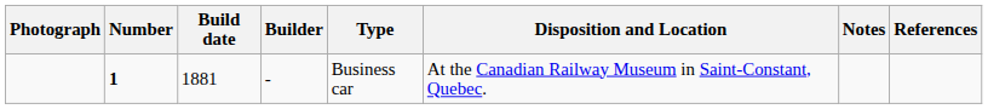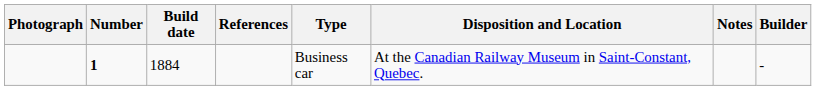 <table class="wikitable">
 <tr>
 <th>Photograph</th>
 <th>Number</th>
 <th>Build date</th>
-<th>Builder</th>
+<th>References</th>
 <th>Type</th>
 <th>Disposition and Location</th>
 <th>Notes</th>
-<th>References</th>
+<th>Builder</th>
 </tr>
 <tr>
 <td></td>
 <td><strong>1</strong></td>
-<td>1881</td>
-<td>-</td>
+<td>1884</td>
+<td></td>
 <td>Business car</td>
 <td>At the <a href='#'>Canadian Railway Museum</a> in <a href='#'>Saint-Constant, Quebec</a>.</td>
 <td></td>
-<td></td>
+<td>-</td>
 </tr>
 </table>
